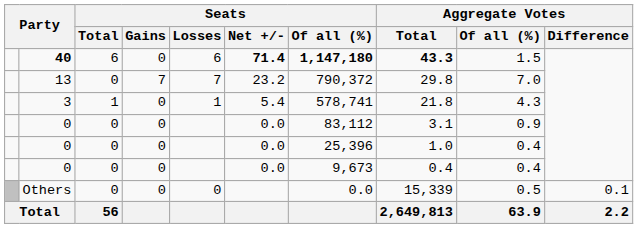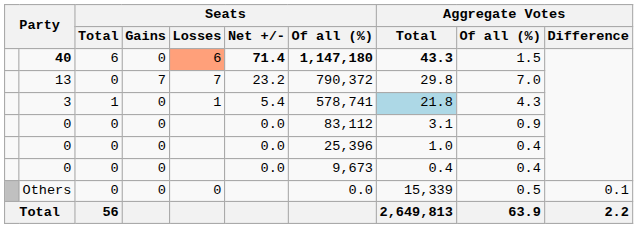 <table class="wikitable sortable" style="text-align:right; font-size:95%;">
 <tr>
 <th colspan="2" rowspan="2">Party</th>
 <th colspan="5">Seats</th>
 <th colspan="3">Aggregate Votes</th>
 </tr>
 <tr>
 <th>Total</th>
 <th>Gains</th>
 <th>Losses</th>
 <th>Net +/-</th>
 <th>Of all (%)</th>
 <th>Total</th>
 <th>Of all (%)</th>
 <th>Difference</th>
 </tr>
 <tr>
 <td></td>
 <td><strong>40</strong></td>
 <td>6</td>
 <td>0</td>
-<td>6</td>
+<td style="background: lightsalmon;">6</td>
 <td><strong>71.4</strong></td>
 <td><strong>1,147,180</strong></td>
 <td><strong>43.3</strong></td>
 <td>1.5</td>
 </tr>
 <tr>
 <td></td>
 <td>13</td>
 <td>0</td>
 <td>7</td>
 <td>7</td>
 <td>23.2</td>
 <td>790,372</td>
 <td>29.8</td>
 <td>7.0</td>
 </tr>
 <tr>
 <td></td>
 <td>3</td>
 <td>1</td>
 <td>0</td>
 <td>1</td>
 <td>5.4</td>
 <td>578,741</td>
-<td>21.8</td>
+<td style="background: lightblue;">21.8</td>
 <td>4.3</td>
 </tr>
 <tr>
 <td></td>
 <td>0</td>
 <td>0</td>
 <td>0</td>
 <td></td>
 <td>0.0</td>
 <td>83,112</td>
 <td>3.1</td>
 <td>0.9</td>
 </tr>
 <tr>
 <td></td>
 <td>0</td>
 <td>0</td>
 <td>0</td>
 <td></td>
 <td>0.0</td>
 <td>25,396</td>
 <td>1.0</td>
 <td>0.4</td>
 </tr>
 <tr>
 <td></td>
 <td>0</td>
 <td>0</td>
 <td>0</td>
 <td></td>
 <td>0.0</td>
 <td>9,673</td>
 <td>0.4</td>
 <td>0.4</td>
 </tr>
 <tr>
 <td style="background:silver;"> </td>
 <td align=left>Others</td>
 <td>0</td>
 <td>0</td>
 <td>0</td>
 <td></td>
 <td>0.0</td>
 <td>15,339</td>
 <td>0.5</td>
 <td>0.1</td>
 </tr>
 <tr class="sortbottom">
 <th colspan="2" style="background:#f2f2f2"><strong>Total</strong></th>
 <td style="background:#f2f2f2;"><strong>56</strong></td>
 <td style="background:#f2f2f2;"></td>
 <td style="background:#f2f2f2;"></td>
 <td style="background:#f2f2f2;"></td>
 <td style="background:#f2f2f2;"></td>
 <td style="background:#f2f2f2;"><strong>2,649,813</strong></td>
 <td style="background:#f2f2f2;"><strong>63.9</strong></td>
 <td style="background:#f2f2f2;"><strong>2.2</strong></td>
 </tr>
 </table>
